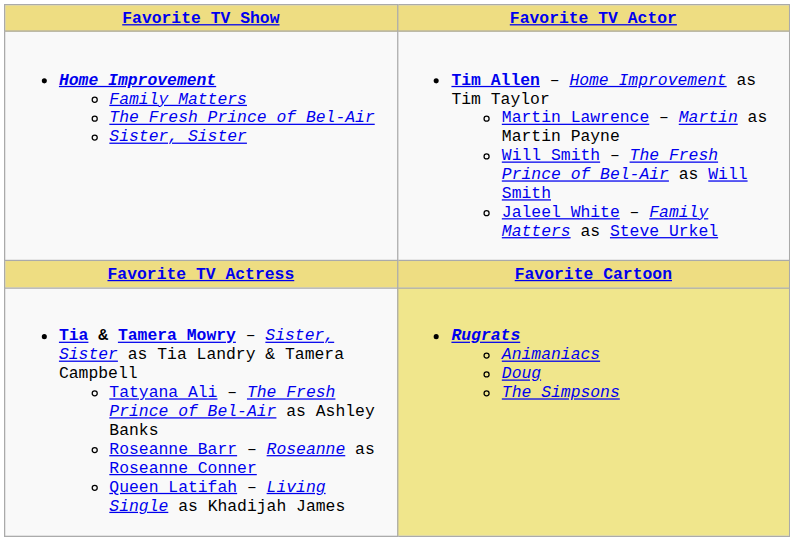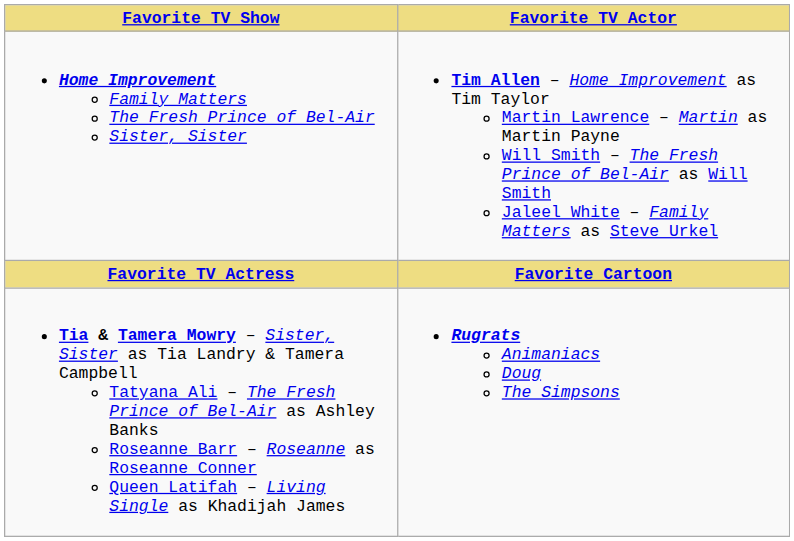 <table class="wikitable" style="width:100%">
 <tr>
 <th style="background:#EEDD82; width:50%"><a href='#'>Favorite TV Show</a></th>
 <th style="background:#EEDD82; width:50%"><a href='#'>Favorite TV Actor</a></th>
 </tr>
 <tr>
 <td valign="top"><br><ul><li><strong><em><a href='#'>Home Improvement</a></em></strong><ul><li><em><a href='#'>Family Matters</a></em></li><li><em><a href='#'>The Fresh Prince of Bel-Air</a></em></li><li><em><a href='#'>Sister, Sister</a></em></li></ul></li></ul></td>
 <td valign="top"><br><ul><li><strong><a href='#'>Tim Allen</a></strong> – <em><a href='#'>Home Improvement</a></em> as Tim Taylor<ul><li><a href='#'>Martin Lawrence</a> – <em><a href='#'>Martin</a></em> as Martin Payne</li><li><a href='#'>Will Smith</a> – <em><a href='#'>The Fresh Prince of Bel-Air</a></em> as <a href='#'>Will Smith</a></li><li><a href='#'>Jaleel White</a> – <em><a href='#'>Family Matters</a></em> as <a href='#'>Steve Urkel</a></li></ul></li></ul></td>
 </tr>
 <tr>
 <th style="background:#EEDD82; width:50%"><a href='#'>Favorite TV Actress</a></th>
 <th style="background:#EEDD82; width:50%"><a href='#'>Favorite Cartoon</a></th>
 </tr>
 <tr>
 <td valign="top"><br><ul><li><strong><a href='#'>Tia</a> & <a href='#'>Tamera Mowry</a></strong> – <em><a href='#'>Sister, Sister</a></em> as Tia Landry & Tamera Campbell<ul><li><a href='#'>Tatyana Ali</a> – <em><a href='#'>The Fresh Prince of Bel-Air</a></em> as Ashley Banks</li><li><a href='#'>Roseanne Barr</a> – <em><a href='#'>Roseanne</a></em> as <a href='#'>Roseanne Conner</a></li><li><a href='#'>Queen Latifah</a> – <em><a href='#'>Living Single</a></em> as Khadijah James</li></ul></li></ul></td>
-<td valign="top" style="background: khaki;"><br><ul><li><strong><em><a href='#'>Rugrats</a></em></strong><ul><li><em><a href='#'>Animaniacs</a></em></li><li><em><a href='#'>Doug</a></em></li><li><em><a href='#'>The Simpsons</a></em></li></ul></li></ul></td>
+<td valign="top"><br><ul><li><strong><em><a href='#'>Rugrats</a></em></strong><ul><li><em><a href='#'>Animaniacs</a></em></li><li><em><a href='#'>Doug</a></em></li><li><em><a href='#'>The Simpsons</a></em></li></ul></li></ul></td>
 </tr>
 </table>
